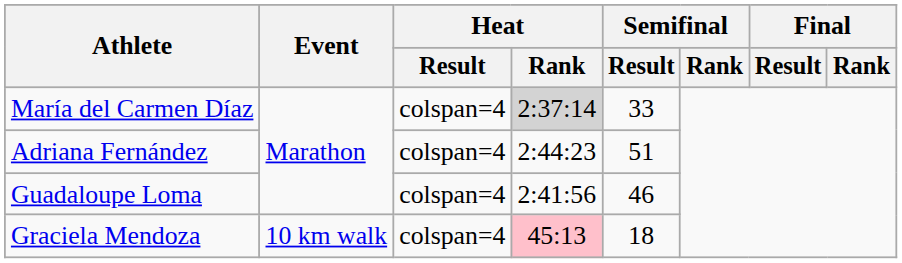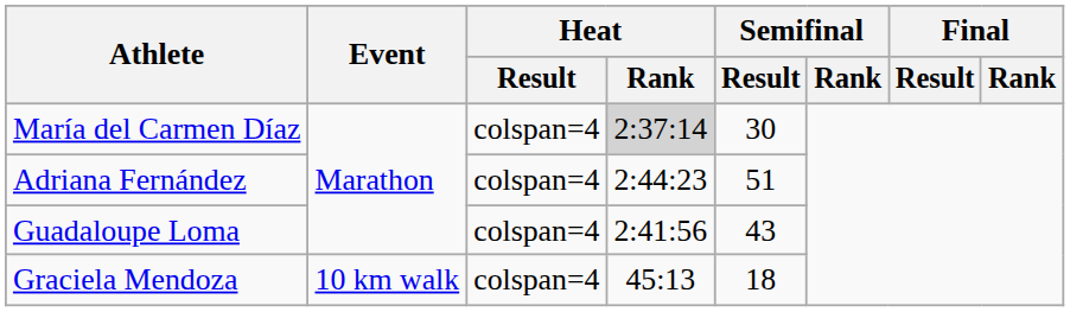 <table class="wikitable" style="font-size:90%">
 <tr>
 <th rowspan="2">Athlete</th>
 <th rowspan="2">Event</th>
 <th colspan="2">Heat</th>
 <th colspan="2">Semifinal</th>
 <th colspan="2">Final</th>
 </tr>
 <tr style="font-size:95%">
 <th>Result</th>
 <th>Rank</th>
 <th>Result</th>
 <th>Rank</th>
 <th>Result</th>
 <th>Rank</th>
 </tr>
 <tr align=center>
 <td align=left><a href='#'>María del Carmen Díaz</a></td>
 <td align=left rowspan=3><a href='#'>Marathon</a></td>
 <td>colspan=4 </td>
 <td style="background: lightgrey;">2:37:14</td>
-<td>33</td>
+<td>30</td>
 </tr>
 <tr align=center>
 <td align=left><a href='#'>Adriana Fernández</a></td>
 <td>colspan=4 </td>
 <td>2:44:23</td>
 <td>51</td>
 </tr>
 <tr align=center>
 <td align=left><a href='#'>Guadaloupe Loma</a></td>
 <td>colspan=4 </td>
 <td>2:41:56</td>
-<td>46</td>
+<td>43</td>
 </tr>
 <tr align=center>
 <td align=left><a href='#'>Graciela Mendoza</a></td>
 <td align=left><a href='#'>10 km walk</a></td>
 <td>colspan=4 </td>
-<td style="background: pink;">45:13</td>
+<td>45:13</td>
 <td>18</td>
 </tr>
 </table>
